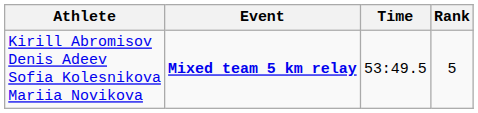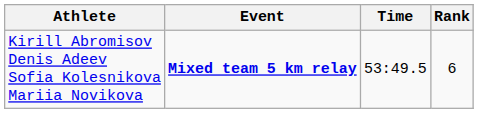 <table class="wikitable" border="1" style="font-size:90%; text-align:center">
 <tr>
 <th>Athlete</th>
 <th>Event</th>
 <th>Time</th>
 <th>Rank</th>
 </tr>
 <tr align=center>
 <td align=left><a href='#'>Kirill Abromisov</a><br><a href='#'>Denis Adeev</a><br><a href='#'>Sofia Kolesnikova</a><br><a href='#'>Mariia Novikova</a></td>
 <td align=left><strong><a href='#'>Mixed team 5 km relay</a></strong></td>
 <td>53:49.5</td>
-<td>5</td>
+<td>6</td>
 </tr>
 </table>
